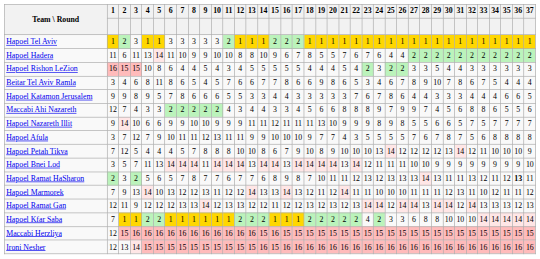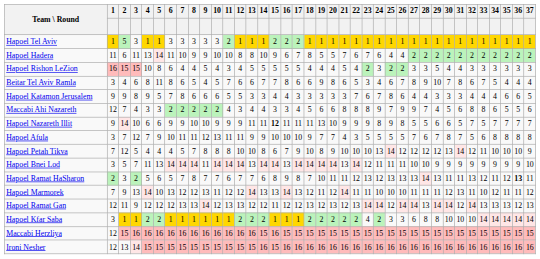 <table class="wikitable sortable" style="font-size: 74%; text-align:center;">
 <tr>
 <th rowspan="2" style="width:150px;">Team \ Round</th>
 <th align=center>1</th>
 <th align=center>2</th>
 <th align=center>3</th>
 <th align=center>4</th>
 <th align=center>5</th>
 <th align=center>6</th>
 <th align=center>7</th>
 <th align=center>8</th>
 <th align=center>9</th>
 <th align=center>10</th>
 <th align=center>11</th>
 <th align=center>12</th>
 <th align=center>13</th>
 <th align=center>14</th>
 <th align=center>15</th>
 <th align=center>16</th>
 <th align=center>17</th>
 <th align=center>18</th>
 <th align=center>19</th>
 <th align=center>20</th>
 <th align=center>21</th>
 <th align=center>22</th>
 <th align=center>23</th>
 <th align=center>24</th>
 <th align=center>25</th>
 <th align=center>26</th>
 <th align=center>27</th>
 <th align=center>28</th>
 <th align=center>29</th>
 <th align=center>30</th>
 <th align=center>31</th>
 <th align=center>32</th>
 <th align=center>33</th>
 <th align=center>34</th>
 <th align=center>35</th>
 <th align=center>36</th>
 <th align=center>37</th>
 </tr>
 <tr>
 <th style="text-align:center; height:20px;"></th>
 <th align=center></th>
 <th align=center></th>
 <th align=center></th>
 <th align=center></th>
 <th align=center></th>
 <th align=center></th>
 <th align=center></th>
 <th align=center></th>
 <th align=center></th>
 <th align=center></th>
 <th align=center></th>
 <th align=center></th>
 <th align=center></th>
 <th align=center></th>
 <th align=center></th>
 <th align=center></th>
 <th align=center></th>
 <th align=center></th>
 <th align=center></th>
 <th align=center></th>
 <th align=center></th>
 <th align=center></th>
 <th align=center></th>
 <th align=center></th>
 <th align=center></th>
 <th align=center></th>
 <th align=center></th>
 <th align=center></th>
 <th align=center></th>
 <th align=center></th>
 <th align=center></th>
 <th align=center></th>
 <th align=center></th>
 <th align=center></th>
 <th align=center></th>
 <th align=center></th>
 </tr>
 <tr>
 <td align=left><a href='#'>Hapoel Tel Aviv</a></td>
 <td style="background:gold">1</td>
-<td style="background:#bbf3bb">2</td>
+<td style="background:#bbf3bb">5</td>
 <td>3</td>
 <td style="background:gold">1</td>
 <td style="background:gold">1</td>
 <td>3</td>
 <td>3</td>
 <td>3</td>
 <td>3</td>
 <td>3</td>
 <td style="background:#bbf3bb">2</td>
 <td style="background:gold">1</td>
 <td style="background:gold">1</td>
 <td style="background:gold">1</td>
 <td style="background:#bbf3bb">2</td>
 <td style="background:#bbf3bb">2</td>
 <td style="background:#bbf3bb">2</td>
 <td style="background:gold">1</td>
 <td style="background:gold">1</td>
 <td style="background:gold">1</td>
 <td style="background:gold">1</td>
 <td style="background:gold">1</td>
 <td style="background:gold">1</td>
 <td style="background:gold">1</td>
 <td style="background:gold">1</td>
 <td style="background:gold">1</td>
 <td style="background:gold">1</td>
 <td style="background:gold">1</td>
 <td style="background:gold">1</td>
 <td style="background:gold">1</td>
 <td style="background:gold">1</td>
 <td style="background:gold">1</td>
 <td style="background:gold">1</td>
 <td style="background:gold">1</td>
 <td style="background:gold">1</td>
 <td style="background:gold">1</td>
 <td style="background:gold">1</td>
 </tr>
 <tr>
 <td align=left><a href='#'>Hapoel Hadera</a></td>
 <td>11</td>
 <td>6</td>
 <td>11</td>
 <td>13</td>
 <td style="background:#ffe6e6">14</td>
 <td>11</td>
 <td>10</td>
 <td>9</td>
 <td>9</td>
 <td>10</td>
 <td>10</td>
 <td>8</td>
 <td>8</td>
 <td>10</td>
 <td>9</td>
 <td>6</td>
 <td>7</td>
 <td>8</td>
 <td>5</td>
 <td>5</td>
 <td>7</td>
 <td>6</td>
 <td>7</td>
 <td>6</td>
 <td>4</td>
 <td>4</td>
 <td style="background:#bbf3bb">2</td>
 <td style="background:#bbf3bb">2</td>
 <td style="background:#bbf3bb">2</td>
 <td style="background:#bbf3bb">2</td>
 <td style="background:#bbf3bb">2</td>
 <td style="background:#bbf3bb">2</td>
 <td style="background:#bbf3bb">2</td>
 <td style="background:#bbf3bb">2</td>
 <td style="background:#bbf3bb">2</td>
 <td style="background:#bbf3bb">2</td>
 <td style="background:#bbf3bb">2</td>
 </tr>
 <tr>
 <td align=left><a href='#'>Hapoel Rishon LeZion</a></td>
 <td style="background:#fbb">16</td>
 <td style="background:#fbb">15</td>
 <td style="background:#fbb">15</td>
 <td>10</td>
 <td>8</td>
 <td>6</td>
 <td>4</td>
 <td>4</td>
 <td>5</td>
 <td>4</td>
 <td>3</td>
 <td>4</td>
 <td>5</td>
 <td>5</td>
 <td>5</td>
 <td>5</td>
 <td>5</td>
 <td>4</td>
 <td>4</td>
 <td>4</td>
 <td>5</td>
 <td>4</td>
 <td style="background:#bbf3bb">2</td>
 <td>3</td>
 <td style="background:#bbf3bb">2</td>
 <td style="background:#bbf3bb">2</td>
 <td>3</td>
 <td>3</td>
 <td>5</td>
 <td>4</td>
 <td>4</td>
 <td>3</td>
 <td>3</td>
 <td>3</td>
 <td>3</td>
 <td>3</td>
 <td>3</td>
 </tr>
 <tr>
 <td align=left><a href='#'>Beitar Tel Aviv Ramla</a></td>
 <td>3</td>
 <td>4</td>
 <td>6</td>
 <td>8</td>
 <td>11</td>
 <td>8</td>
 <td>6</td>
 <td>5</td>
 <td>4</td>
 <td>5</td>
 <td>7</td>
 <td>6</td>
 <td>6</td>
 <td>7</td>
 <td>7</td>
 <td>8</td>
 <td>6</td>
 <td>6</td>
 <td>9</td>
 <td>8</td>
 <td>6</td>
 <td>5</td>
 <td>3</td>
 <td>4</td>
 <td>6</td>
 <td>7</td>
 <td>8</td>
 <td>9</td>
 <td>10</td>
 <td>7</td>
 <td>8</td>
 <td>6</td>
 <td>7</td>
 <td>5</td>
 <td>4</td>
 <td>4</td>
 <td>4</td>
 </tr>
 <tr>
 <td align=left><a href='#'>Hapoel Katamon Jerusalem</a></td>
 <td>9</td>
 <td>9</td>
 <td>8</td>
 <td>9</td>
 <td>5</td>
 <td>7</td>
 <td>8</td>
 <td>6</td>
 <td>6</td>
 <td>6</td>
 <td>5</td>
 <td>5</td>
 <td>3</td>
 <td>3</td>
 <td>4</td>
 <td>4</td>
 <td>3</td>
 <td>3</td>
 <td>3</td>
 <td>3</td>
 <td>3</td>
 <td>7</td>
 <td>6</td>
 <td>7</td>
 <td>8</td>
 <td>6</td>
 <td>4</td>
 <td>4</td>
 <td>3</td>
 <td>3</td>
 <td>3</td>
 <td>4</td>
 <td>4</td>
 <td>4</td>
 <td>6</td>
 <td>6</td>
 <td>5</td>
 </tr>
 <tr>
 <td align=left><a href='#'>Maccabi Ahi Nazareth</a></td>
 <td>12</td>
 <td>7</td>
 <td>4</td>
 <td>3</td>
 <td>3</td>
 <td style="background:#bbf3bb">2</td>
 <td style="background:#bbf3bb">2</td>
 <td style="background:#bbf3bb">2</td>
 <td style="background:#bbf3bb">2</td>
 <td style="background:#bbf3bb">2</td>
 <td>4</td>
 <td>3</td>
 <td>4</td>
 <td>4</td>
 <td>3</td>
 <td>3</td>
 <td>4</td>
 <td>5</td>
 <td>6</td>
 <td>6</td>
 <td>8</td>
 <td>8</td>
 <td>8</td>
 <td>9</td>
 <td>7</td>
 <td>9</td>
 <td>9</td>
 <td>7</td>
 <td>4</td>
 <td>5</td>
 <td>6</td>
 <td>8</td>
 <td>8</td>
 <td>6</td>
 <td>5</td>
 <td>5</td>
 <td>6</td>
 </tr>
 <tr>
 <td align=left><a href='#'>Hapoel Nazareth Illit</a></td>
 <td>9</td>
 <td style="background:#ffe6e6">14</td>
 <td>10</td>
 <td>6</td>
 <td>6</td>
 <td>9</td>
 <td>9</td>
 <td>10</td>
 <td>10</td>
 <td>9</td>
 <td>9</td>
 <td>9</td>
 <td>11</td>
 <td>11</td>
-<td>12</td>
+<td><strong>12</strong></td>
 <td>11</td>
 <td>11</td>
 <td>11</td>
 <td>13</td>
 <td>10</td>
 <td>9</td>
 <td>9</td>
 <td>9</td>
 <td>8</td>
 <td>9</td>
 <td>8</td>
 <td>5</td>
 <td>5</td>
 <td>6</td>
 <td>6</td>
 <td>5</td>
 <td>7</td>
 <td>5</td>
 <td>7</td>
 <td>7</td>
 <td>7</td>
 <td>7</td>
 </tr>
 <tr>
 <td align=left><a href='#'>Hapoel Afula</a></td>
 <td>3</td>
 <td>7</td>
 <td>12</td>
 <td>7</td>
 <td>9</td>
 <td>10</td>
 <td>11</td>
 <td>11</td>
 <td>12</td>
 <td>13</td>
 <td>11</td>
 <td>11</td>
 <td>9</td>
 <td>9</td>
 <td>10</td>
 <td>10</td>
 <td>10</td>
 <td>9</td>
 <td>7</td>
 <td>7</td>
 <td>4</td>
 <td>3</td>
 <td>5</td>
 <td>5</td>
 <td>5</td>
 <td>5</td>
 <td>7</td>
 <td>6</td>
 <td>7</td>
 <td>8</td>
 <td>7</td>
 <td>5</td>
 <td>6</td>
 <td>8</td>
 <td>8</td>
 <td>8</td>
 <td>8</td>
 </tr>
 <tr>
 <td align=left><a href='#'>Hapoel Petah Tikva</a></td>
 <td>7</td>
 <td>12</td>
 <td>5</td>
 <td>4</td>
 <td>4</td>
 <td>4</td>
 <td>5</td>
 <td>7</td>
 <td>8</td>
 <td>8</td>
 <td>8</td>
 <td>10</td>
 <td>10</td>
 <td>8</td>
 <td>6</td>
 <td>7</td>
 <td>9</td>
 <td>10</td>
 <td>8</td>
 <td>9</td>
 <td>10</td>
 <td>10</td>
 <td>10</td>
 <td>13</td>
 <td style="background:#ffe6e6">14</td>
 <td>12</td>
 <td>12</td>
 <td>12</td>
 <td>12</td>
 <td>13</td>
 <td style="background:#ffe6e6">14</td>
 <td>12</td>
 <td>11</td>
 <td>10</td>
 <td>10</td>
 <td>10</td>
 <td>9</td>
 </tr>
 <tr>
 <td align=left><a href='#'>Hapoel Bnei Lod</a></td>
 <td>3</td>
 <td>5</td>
 <td>7</td>
 <td>11</td>
 <td>13</td>
 <td style="background:#ffe6e6">14</td>
 <td style="background:#ffe6e6">14</td>
 <td style="background:#ffe6e6">14</td>
 <td>11</td>
 <td style="background:#ffe6e6">14</td>
 <td style="background:#ffe6e6">14</td>
 <td style="background:#ffe6e6">14</td>
 <td>13</td>
 <td style="background:#ffe6e6">14</td>
 <td style="background:#ffe6e6">14</td>
 <td>13</td>
 <td style="background:#ffe6e6">14</td>
 <td style="background:#ffe6e6">14</td>
 <td style="background:#ffe6e6">14</td>
 <td style="background:#ffe6e6">14</td>
 <td>13</td>
 <td style="background:#ffe6e6">14</td>
 <td>12</td>
 <td>11</td>
 <td>11</td>
 <td>11</td>
 <td>10</td>
 <td>10</td>
 <td>9</td>
 <td>9</td>
 <td>9</td>
 <td>9</td>
 <td>9</td>
 <td>9</td>
 <td>9</td>
 <td>9</td>
 <td>10</td>
 </tr>
 <tr>
 <td align=left><a href='#'>Hapoel Ramat HaSharon</a></td>
 <td style="background:#bbf3bb">2</td>
 <td>3</td>
 <td style="background:#bbf3bb">2</td>
 <td>5</td>
 <td>6</td>
 <td>5</td>
 <td>7</td>
 <td>8</td>
 <td>7</td>
 <td>7</td>
 <td>6</td>
 <td>7</td>
 <td>7</td>
 <td>6</td>
 <td>8</td>
 <td>9</td>
 <td>8</td>
 <td>7</td>
 <td>10</td>
 <td>11</td>
 <td>11</td>
 <td>12</td>
 <td>13</td>
 <td>12</td>
 <td>13</td>
 <td>13</td>
 <td>13</td>
 <td style="background:#ffe6e6">14</td>
 <td>13</td>
 <td>11</td>
 <td>11</td>
 <td>13</td>
 <td>12</td>
 <td>11</td>
 <td>12</td>
 <td><strong>13</strong></td>
 <td>11</td>
 </tr>
 <tr>
 <td align=left><a href='#'>Hapoel Marmorek</a></td>
 <td>7</td>
 <td>9</td>
 <td>13</td>
 <td style="background:#ffe6e6">14</td>
 <td>10</td>
 <td>13</td>
 <td>12</td>
 <td>12</td>
 <td>13</td>
 <td>11</td>
 <td>12</td>
 <td>12</td>
 <td style="background:#ffe6e6">14</td>
 <td>13</td>
 <td>13</td>
 <td style="background:#ffe6e6">14</td>
 <td>13</td>
 <td>12</td>
 <td>11</td>
 <td>12</td>
 <td style="background:#ffe6e6">14</td>
 <td>11</td>
 <td>11</td>
 <td>10</td>
 <td>10</td>
 <td>10</td>
 <td>11</td>
 <td>11</td>
 <td>11</td>
 <td>12</td>
 <td>13</td>
 <td>11</td>
 <td>10</td>
 <td>12</td>
 <td>11</td>
 <td>11</td>
 <td>12</td>
 </tr>
 <tr>
 <td align=left><a href='#'>Hapoel Ramat Gan</a></td>
 <td>12</td>
 <td>11</td>
 <td>9</td>
 <td>12</td>
 <td>12</td>
 <td>12</td>
 <td>13</td>
 <td>13</td>
 <td style="background:#ffe6e6">14</td>
 <td>12</td>
 <td>13</td>
 <td>13</td>
 <td>12</td>
 <td>12</td>
 <td>11</td>
 <td>12</td>
 <td>12</td>
 <td>13</td>
 <td>12</td>
 <td>13</td>
 <td>12</td>
 <td>13</td>
 <td style="background:#ffe6e6">14</td>
 <td style="background:#ffe6e6">14</td>
 <td>12</td>
 <td style="background:#ffe6e6">14</td>
 <td style="background:#ffe6e6">14</td>
 <td>13</td>
 <td style="background:#ffe6e6">14</td>
 <td style="background:#ffe6e6">14</td>
 <td>12</td>
 <td style="background:#ffe6e6">14</td>
 <td>13</td>
 <td>13</td>
 <td>13</td>
 <td>12</td>
 <td>13</td>
 </tr>
 <tr>
 <td align=left><a href='#'>Hapoel Kfar Saba</a></td>
-<td>7</td>
+<td>3</td>
 <td style="background:gold">1</td>
 <td style="background:gold">1</td>
 <td style="background:#BBF3BB">2</td>
 <td style="background:#BBF3BB">2</td>
 <td style="background:gold">1</td>
 <td style="background:gold">1</td>
 <td style="background:gold">1</td>
 <td style="background:gold">1</td>
 <td style="background:gold">1</td>
 <td style="background:gold">1</td>
 <td style="background:#BBF3BB">2</td>
 <td style="background:#BBF3BB">2</td>
 <td style="background:#BBF3BB">2</td>
 <td style="background:gold">1</td>
 <td style="background:gold">1</td>
 <td style="background:gold">1</td>
 <td style="background:#bbf3bb">2</td>
 <td style="background:#bbf3bb">2</td>
 <td style="background:#bbf3bb">2</td>
 <td style="background:#bbf3bb">2</td>
 <td style="background:#bbf3bb">2</td>
 <td>4</td>
 <td style="background:#bbf3bb">2</td>
 <td>3</td>
 <td>3</td>
 <td>6</td>
 <td>8</td>
 <td>8</td>
 <td>10</td>
 <td>10</td>
 <td>10</td>
 <td style="background:#ffe6e6">14</td>
 <td style="background:#ffe6e6">14</td>
 <td style="background:#ffe6e6">14</td>
 <td style="background:#ffe6e6">14</td>
 <td style="background:#ffe6e6">14</td>
 </tr>
 <tr>
 <td align=left><a href='#'>Maccabi Herzliya</a></td>
 <td>12</td>
 <td style="background:#fbb">15</td>
 <td style="background:#fbb">16</td>
 <td style="background:#fbb">16</td>
 <td style="background:#fbb">16</td>
 <td style="background:#fbb">16</td>
 <td style="background:#fbb">16</td>
 <td style="background:#fbb">16</td>
 <td style="background:#fbb">16</td>
 <td style="background:#fbb">16</td>
 <td style="background:#fbb">16</td>
 <td style="background:#fbb">16</td>
 <td style="background:#fbb">16</td>
 <td style="background:#fbb">15</td>
 <td style="background:#fbb">16</td>
 <td style="background:#fbb">15</td>
 <td style="background:#fbb">15</td>
 <td style="background:#fbb">15</td>
 <td style="background:#fbb">15</td>
 <td style="background:#fbb">15</td>
 <td style="background:#fbb">15</td>
 <td style="background:#fbb">15</td>
 <td style="background:#fbb">15</td>
 <td style="background:#fbb">15</td>
 <td style="background:#fbb">15</td>
 <td style="background:#fbb">15</td>
 <td style="background:#fbb">15</td>
 <td style="background:#fbb">15</td>
 <td style="background:#fbb">15</td>
 <td style="background:#fbb">15</td>
 <td style="background:#fbb">15</td>
 <td style="background:#fbb">15</td>
 <td style="background:#fbb">15</td>
 <td style="background:#fbb">15</td>
 <td style="background:#fbb">15</td>
 <td style="background:#fbb">15</td>
 <td style="background:#fbb">15</td>
 </tr>
 <tr>
 <td align=left><a href='#'>Ironi Nesher</a></td>
 <td>12</td>
 <td>13</td>
 <td style="background:#ffe6e6">14</td>
 <td style="background:#fbb">15</td>
 <td style="background:#fbb">15</td>
 <td style="background:#fbb">15</td>
 <td style="background:#fbb">15</td>
 <td style="background:#fbb">15</td>
 <td style="background:#fbb">15</td>
 <td style="background:#fbb">15</td>
 <td style="background:#fbb">15</td>
 <td style="background:#fbb">15</td>
 <td style="background:#fbb">15</td>
 <td style="background:#fbb">16</td>
 <td style="background:#fbb">15</td>
 <td style="background:#fbb">16</td>
 <td style="background:#fbb">16</td>
 <td style="background:#fbb">16</td>
 <td style="background:#fbb">16</td>
 <td style="background:#fbb">16</td>
 <td style="background:#fbb">16</td>
 <td style="background:#fbb">16</td>
 <td style="background:#fbb">16</td>
 <td style="background:#fbb">16</td>
 <td style="background:#fbb">16</td>
 <td style="background:#fbb">16</td>
 <td style="background:#fbb">16</td>
 <td style="background:#fbb">16</td>
 <td style="background:#fbb">16</td>
 <td style="background:#fbb">16</td>
 <td style="background:#fbb">16</td>
 <td style="background:#fbb">16</td>
 <td style="background:#fbb">16</td>
 <td style="background:#fbb">16</td>
 <td style="background:#fbb">16</td>
 <td style="background:#fbb">16</td>
 <td style="background:#fbb">16</td>
 </tr>
 </table>
